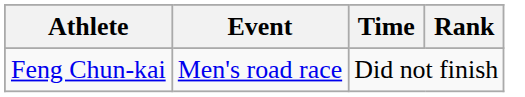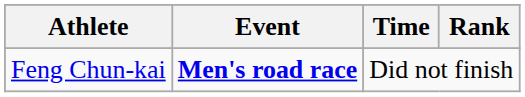 <table class=wikitable style=font-size:90%;>
 <tr>
 <th>Athlete</th>
 <th>Event</th>
 <th>Time</th>
 <th>Rank</th>
 </tr>
 <tr align=center>
 <td align=left><a href='#'>Feng Chun-kai</a></td>
-<td align=left><a href='#'>Men's road race</a></td>
+<td align=left><strong><a href='#'>Men's road race</a></strong></td>
 <td colspan=2>Did not finish</td>
 </tr>
 </table>
